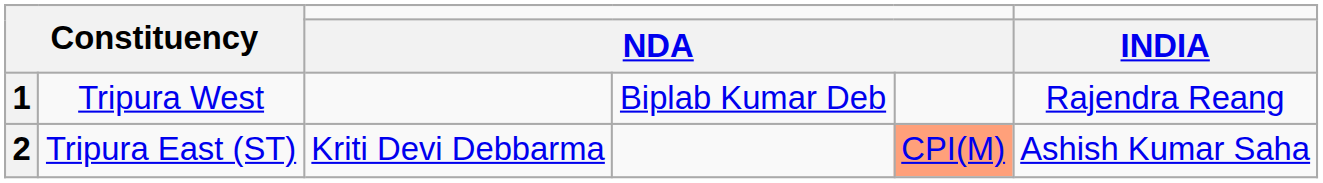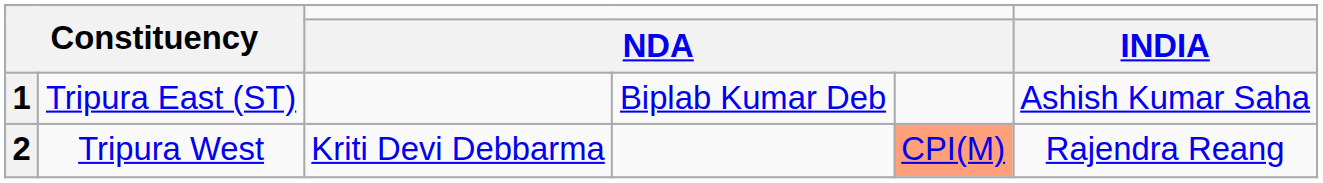 <table class="wikitable sortable" style="text-align:center;">
 <tr>
 <th colspan="2" rowspan="2">Constituency</th>
 <td colspan="3"></td>
 <td colspan="3"></td>
 </tr>
 <tr>
 <th colspan="3" class="wikitable"><a href='#'>NDA</a></th>
 <th colspan="3" class="wikitable"><a href='#'>INDIA</a></th>
 </tr>
 <tr>
 <th>1</th>
-<td><a href='#'>Tripura West</a></td>
+<td><a href='#'>Tripura East (ST)</a></td>
 <td></td>
 <td><a href='#'>Biplab Kumar Deb</a></td>
 <td></td>
-<td><a href='#'>Rajendra Reang</a></td>
+<td><a href='#'>Ashish Kumar Saha</a></td>
 </tr>
 <tr>
 <th>2</th>
-<td><a href='#'>Tripura East (ST)</a></td>
+<td><a href='#'>Tripura West</a></td>
 <td><a href='#'>Kriti Devi Debbarma</a></td>
 <td></td>
 <td style="background: lightsalmon;"><a href='#'>CPI(M)</a></td>
-<td><a href='#'>Ashish Kumar Saha</a></td>
+<td><a href='#'>Rajendra Reang</a></td>
 </tr>
 </table>
